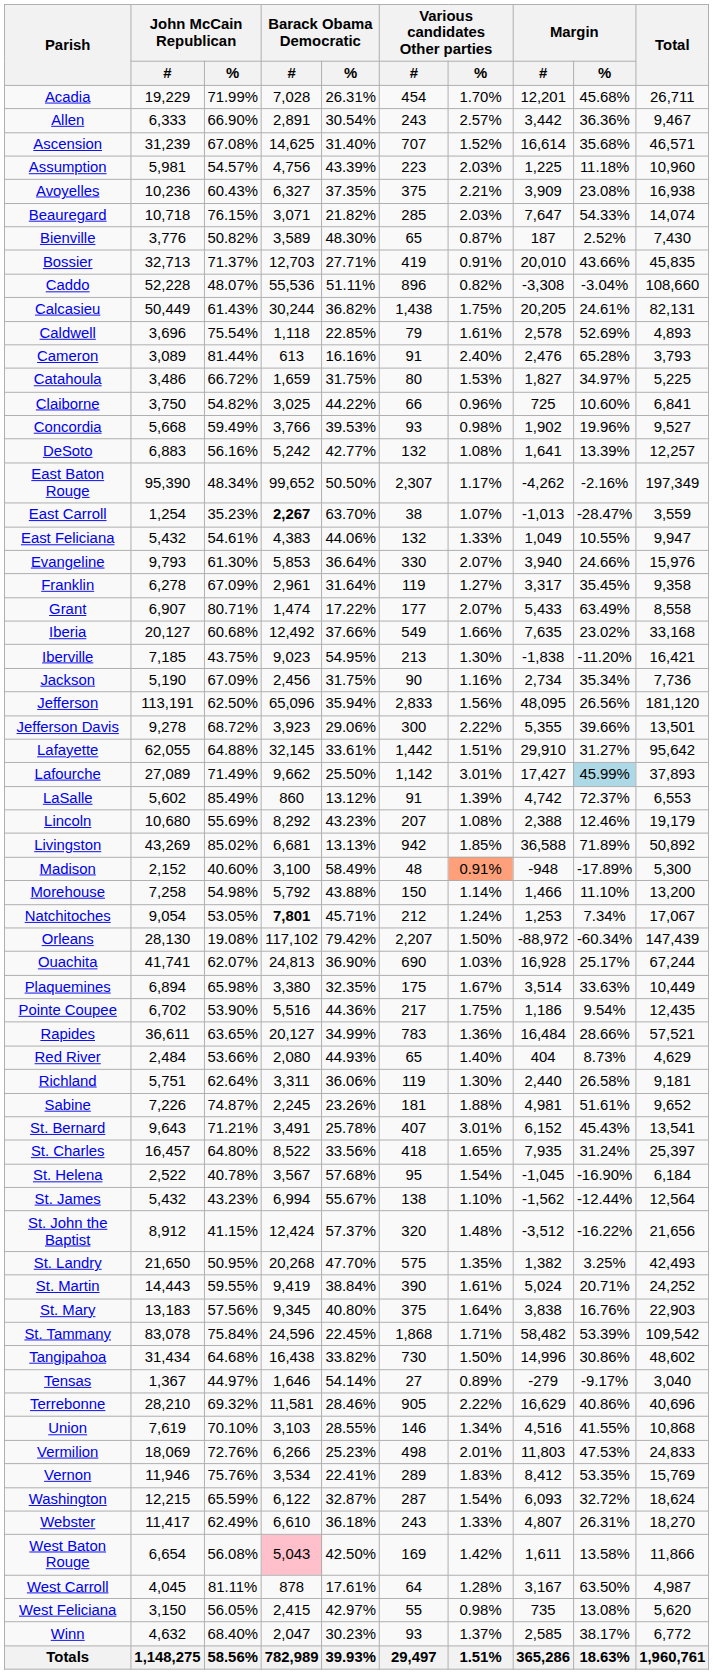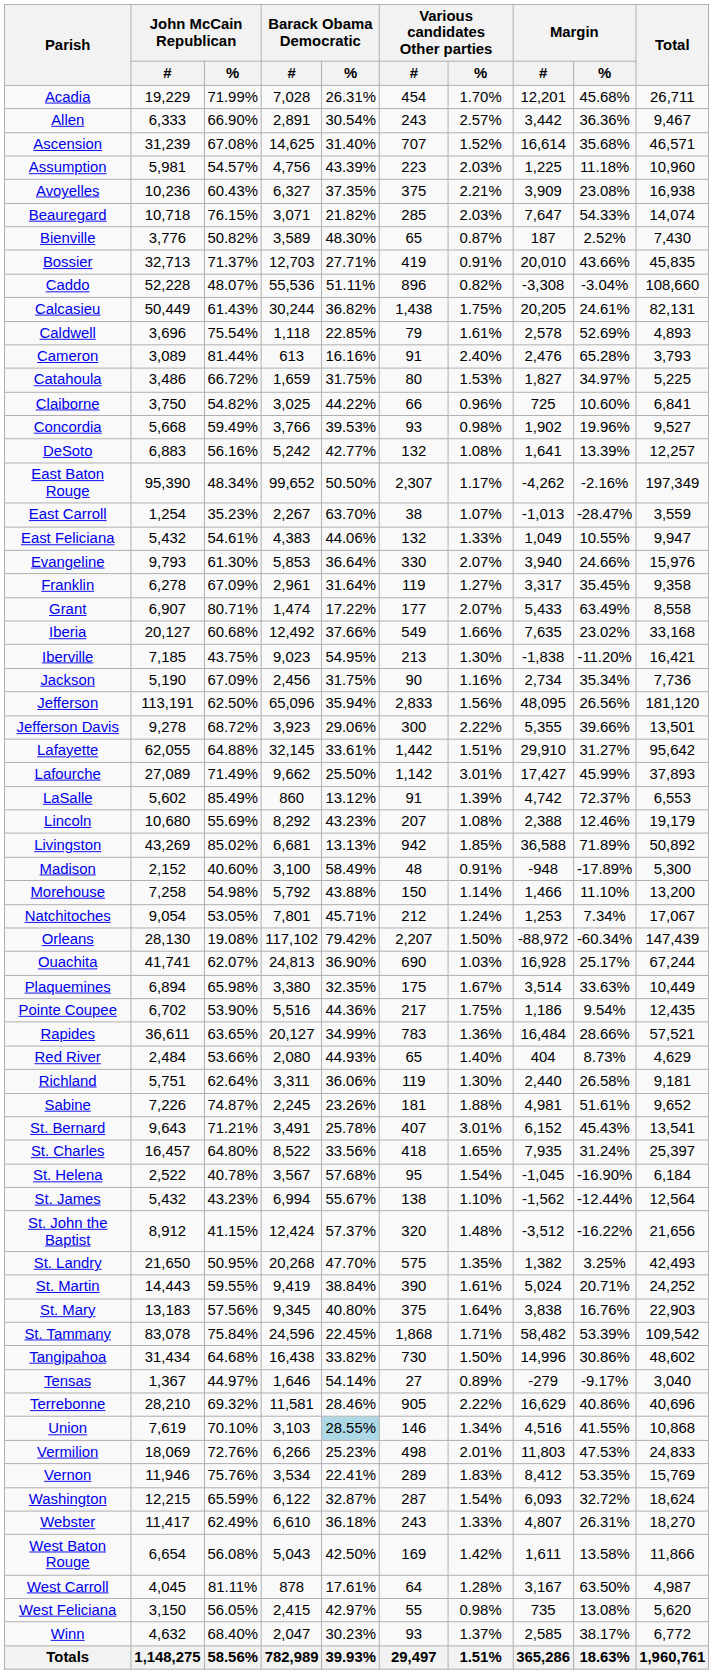 <table width="60%" class="wikitable sortable">
 <tr>
 <th rowspan="2">Parish</th>
 <th colspan="2">John McCain<br>Republican</th>
 <th colspan="2">Barack Obama<br>Democratic</th>
 <th colspan="2">Various candidates<br>Other parties</th>
 <th colspan="2">Margin</th>
 <th rowspan="2">Total</th>
 </tr>
 <tr>
 <th style="text-align:center;" data-sort-type="number">#</th>
 <th style="text-align:center;" data-sort-type="number">%</th>
 <th style="text-align:center;" data-sort-type="number">#</th>
 <th style="text-align:center;" data-sort-type="number">%</th>
 <th style="text-align:center;" data-sort-type="number">#</th>
 <th style="text-align:center;" data-sort-type="number">%</th>
 <th style="text-align:center;" data-sort-type="number">#</th>
 <th style="text-align:center;" data-sort-type="number">%</th>
 </tr>
 <tr style="text-align:center;">
 <td><a href='#'>Acadia</a></td>
 <td>19,229</td>
 <td>71.99%</td>
 <td>7,028</td>
 <td>26.31%</td>
 <td>454</td>
 <td>1.70%</td>
 <td>12,201</td>
 <td>45.68%</td>
 <td>26,711</td>
 </tr>
 <tr style="text-align:center;">
 <td><a href='#'>Allen</a></td>
 <td>6,333</td>
 <td>66.90%</td>
 <td>2,891</td>
 <td>30.54%</td>
 <td>243</td>
 <td>2.57%</td>
 <td>3,442</td>
 <td>36.36%</td>
 <td>9,467</td>
 </tr>
 <tr style="text-align:center;">
 <td><a href='#'>Ascension</a></td>
 <td>31,239</td>
 <td>67.08%</td>
 <td>14,625</td>
 <td>31.40%</td>
 <td>707</td>
 <td>1.52%</td>
 <td>16,614</td>
 <td>35.68%</td>
 <td>46,571</td>
 </tr>
 <tr style="text-align:center;">
 <td><a href='#'>Assumption</a></td>
 <td>5,981</td>
 <td>54.57%</td>
 <td>4,756</td>
 <td>43.39%</td>
 <td>223</td>
 <td>2.03%</td>
 <td>1,225</td>
 <td>11.18%</td>
 <td>10,960</td>
 </tr>
 <tr style="text-align:center;">
 <td><a href='#'>Avoyelles</a></td>
 <td>10,236</td>
 <td>60.43%</td>
 <td>6,327</td>
 <td>37.35%</td>
 <td>375</td>
 <td>2.21%</td>
 <td>3,909</td>
 <td>23.08%</td>
 <td>16,938</td>
 </tr>
 <tr style="text-align:center;">
 <td><a href='#'>Beauregard</a></td>
 <td>10,718</td>
 <td>76.15%</td>
 <td>3,071</td>
 <td>21.82%</td>
 <td>285</td>
 <td>2.03%</td>
 <td>7,647</td>
 <td>54.33%</td>
 <td>14,074</td>
 </tr>
 <tr style="text-align:center;">
 <td><a href='#'>Bienville</a></td>
 <td>3,776</td>
 <td>50.82%</td>
 <td>3,589</td>
 <td>48.30%</td>
 <td>65</td>
 <td>0.87%</td>
 <td>187</td>
 <td>2.52%</td>
 <td>7,430</td>
 </tr>
 <tr style="text-align:center;">
 <td><a href='#'>Bossier</a></td>
 <td>32,713</td>
 <td>71.37%</td>
 <td>12,703</td>
 <td>27.71%</td>
 <td>419</td>
 <td>0.91%</td>
 <td>20,010</td>
 <td>43.66%</td>
 <td>45,835</td>
 </tr>
 <tr style="text-align:center;">
 <td><a href='#'>Caddo</a></td>
 <td>52,228</td>
 <td>48.07%</td>
 <td>55,536</td>
 <td>51.11%</td>
 <td>896</td>
 <td>0.82%</td>
 <td>-3,308</td>
 <td>-3.04%</td>
 <td>108,660</td>
 </tr>
 <tr style="text-align:center;">
 <td><a href='#'>Calcasieu</a></td>
 <td>50,449</td>
 <td>61.43%</td>
 <td>30,244</td>
 <td>36.82%</td>
 <td>1,438</td>
 <td>1.75%</td>
 <td>20,205</td>
 <td>24.61%</td>
 <td>82,131</td>
 </tr>
 <tr style="text-align:center;">
 <td><a href='#'>Caldwell</a></td>
 <td>3,696</td>
 <td>75.54%</td>
 <td>1,118</td>
 <td>22.85%</td>
 <td>79</td>
 <td>1.61%</td>
 <td>2,578</td>
 <td>52.69%</td>
 <td>4,893</td>
 </tr>
 <tr style="text-align:center;">
 <td><a href='#'>Cameron</a></td>
 <td>3,089</td>
 <td>81.44%</td>
 <td>613</td>
 <td>16.16%</td>
 <td>91</td>
 <td>2.40%</td>
 <td>2,476</td>
 <td>65.28%</td>
 <td>3,793</td>
 </tr>
 <tr style="text-align:center;">
 <td><a href='#'>Catahoula</a></td>
 <td>3,486</td>
 <td>66.72%</td>
 <td>1,659</td>
 <td>31.75%</td>
 <td>80</td>
 <td>1.53%</td>
 <td>1,827</td>
 <td>34.97%</td>
 <td>5,225</td>
 </tr>
 <tr style="text-align:center;">
 <td><a href='#'>Claiborne</a></td>
 <td>3,750</td>
 <td>54.82%</td>
 <td>3,025</td>
 <td>44.22%</td>
 <td>66</td>
 <td>0.96%</td>
 <td>725</td>
 <td>10.60%</td>
 <td>6,841</td>
 </tr>
 <tr style="text-align:center;">
 <td><a href='#'>Concordia</a></td>
 <td>5,668</td>
 <td>59.49%</td>
 <td>3,766</td>
 <td>39.53%</td>
 <td>93</td>
 <td>0.98%</td>
 <td>1,902</td>
 <td>19.96%</td>
 <td>9,527</td>
 </tr>
 <tr style="text-align:center;">
 <td><a href='#'>DeSoto</a></td>
 <td>6,883</td>
 <td>56.16%</td>
 <td>5,242</td>
 <td>42.77%</td>
 <td>132</td>
 <td>1.08%</td>
 <td>1,641</td>
 <td>13.39%</td>
 <td>12,257</td>
 </tr>
 <tr style="text-align:center;">
 <td><a href='#'>East Baton Rouge</a></td>
 <td>95,390</td>
 <td>48.34%</td>
 <td>99,652</td>
 <td>50.50%</td>
 <td>2,307</td>
 <td>1.17%</td>
 <td>-4,262</td>
 <td>-2.16%</td>
 <td>197,349</td>
 </tr>
 <tr style="text-align:center;">
 <td><a href='#'>East Carroll</a></td>
 <td>1,254</td>
 <td>35.23%</td>
-<td><strong>2,267</strong></td>
+<td>2,267</td>
 <td>63.70%</td>
 <td>38</td>
 <td>1.07%</td>
 <td>-1,013</td>
 <td>-28.47%</td>
 <td>3,559</td>
 </tr>
 <tr style="text-align:center;">
 <td><a href='#'>East Feliciana</a></td>
 <td>5,432</td>
 <td>54.61%</td>
 <td>4,383</td>
 <td>44.06%</td>
 <td>132</td>
 <td>1.33%</td>
 <td>1,049</td>
 <td>10.55%</td>
 <td>9,947</td>
 </tr>
 <tr style="text-align:center;">
 <td><a href='#'>Evangeline</a></td>
 <td>9,793</td>
 <td>61.30%</td>
 <td>5,853</td>
 <td>36.64%</td>
 <td>330</td>
 <td>2.07%</td>
 <td>3,940</td>
 <td>24.66%</td>
 <td>15,976</td>
 </tr>
 <tr style="text-align:center;">
 <td><a href='#'>Franklin</a></td>
 <td>6,278</td>
 <td>67.09%</td>
 <td>2,961</td>
 <td>31.64%</td>
 <td>119</td>
 <td>1.27%</td>
 <td>3,317</td>
 <td>35.45%</td>
 <td>9,358</td>
 </tr>
 <tr style="text-align:center;">
 <td><a href='#'>Grant</a></td>
 <td>6,907</td>
 <td>80.71%</td>
 <td>1,474</td>
 <td>17.22%</td>
 <td>177</td>
 <td>2.07%</td>
 <td>5,433</td>
 <td>63.49%</td>
 <td>8,558</td>
 </tr>
 <tr style="text-align:center;">
 <td><a href='#'>Iberia</a></td>
 <td>20,127</td>
 <td>60.68%</td>
 <td>12,492</td>
 <td>37.66%</td>
 <td>549</td>
 <td>1.66%</td>
 <td>7,635</td>
 <td>23.02%</td>
 <td>33,168</td>
 </tr>
 <tr style="text-align:center;">
 <td><a href='#'>Iberville</a></td>
 <td>7,185</td>
 <td>43.75%</td>
 <td>9,023</td>
 <td>54.95%</td>
 <td>213</td>
 <td>1.30%</td>
 <td>-1,838</td>
 <td>-11.20%</td>
 <td>16,421</td>
 </tr>
 <tr style="text-align:center;">
 <td><a href='#'>Jackson</a></td>
 <td>5,190</td>
 <td>67.09%</td>
 <td>2,456</td>
 <td>31.75%</td>
 <td>90</td>
 <td>1.16%</td>
 <td>2,734</td>
 <td>35.34%</td>
 <td>7,736</td>
 </tr>
 <tr style="text-align:center;">
 <td><a href='#'>Jefferson</a></td>
 <td>113,191</td>
 <td>62.50%</td>
 <td>65,096</td>
 <td>35.94%</td>
 <td>2,833</td>
 <td>1.56%</td>
 <td>48,095</td>
 <td>26.56%</td>
 <td>181,120</td>
 </tr>
 <tr style="text-align:center;">
 <td><a href='#'>Jefferson Davis</a></td>
 <td>9,278</td>
 <td>68.72%</td>
 <td>3,923</td>
 <td>29.06%</td>
 <td>300</td>
 <td>2.22%</td>
 <td>5,355</td>
 <td>39.66%</td>
 <td>13,501</td>
 </tr>
 <tr style="text-align:center;">
 <td><a href='#'>Lafayette</a></td>
 <td>62,055</td>
 <td>64.88%</td>
 <td>32,145</td>
 <td>33.61%</td>
 <td>1,442</td>
 <td>1.51%</td>
 <td>29,910</td>
 <td>31.27%</td>
 <td>95,642</td>
 </tr>
 <tr style="text-align:center;">
 <td><a href='#'>Lafourche</a></td>
 <td>27,089</td>
 <td>71.49%</td>
 <td>9,662</td>
 <td>25.50%</td>
 <td>1,142</td>
 <td>3.01%</td>
 <td>17,427</td>
-<td style="background: lightblue;">45.99%</td>
+<td>45.99%</td>
 <td>37,893</td>
 </tr>
 <tr style="text-align:center;">
 <td><a href='#'>LaSalle</a></td>
 <td>5,602</td>
 <td>85.49%</td>
 <td>860</td>
 <td>13.12%</td>
 <td>91</td>
 <td>1.39%</td>
 <td>4,742</td>
 <td>72.37%</td>
 <td>6,553</td>
 </tr>
 <tr style="text-align:center;">
 <td><a href='#'>Lincoln</a></td>
 <td>10,680</td>
 <td>55.69%</td>
 <td>8,292</td>
 <td>43.23%</td>
 <td>207</td>
 <td>1.08%</td>
 <td>2,388</td>
 <td>12.46%</td>
 <td>19,179</td>
 </tr>
 <tr style="text-align:center;">
 <td><a href='#'>Livingston</a></td>
 <td>43,269</td>
 <td>85.02%</td>
 <td>6,681</td>
 <td>13.13%</td>
 <td>942</td>
 <td>1.85%</td>
 <td>36,588</td>
 <td>71.89%</td>
 <td>50,892</td>
 </tr>
 <tr style="text-align:center;">
 <td><a href='#'>Madison</a></td>
 <td>2,152</td>
 <td>40.60%</td>
 <td>3,100</td>
 <td>58.49%</td>
 <td>48</td>
-<td style="background: lightsalmon;">0.91%</td>
+<td>0.91%</td>
 <td>-948</td>
 <td>-17.89%</td>
 <td>5,300</td>
 </tr>
 <tr style="text-align:center;">
 <td><a href='#'>Morehouse</a></td>
 <td>7,258</td>
 <td>54.98%</td>
 <td>5,792</td>
 <td>43.88%</td>
 <td>150</td>
 <td>1.14%</td>
 <td>1,466</td>
 <td>11.10%</td>
 <td>13,200</td>
 </tr>
 <tr style="text-align:center;">
 <td><a href='#'>Natchitoches</a></td>
 <td>9,054</td>
 <td>53.05%</td>
-<td><strong>7,801</strong></td>
+<td>7,801</td>
 <td>45.71%</td>
 <td>212</td>
 <td>1.24%</td>
 <td>1,253</td>
 <td>7.34%</td>
 <td>17,067</td>
 </tr>
 <tr style="text-align:center;">
 <td><a href='#'>Orleans</a></td>
 <td>28,130</td>
 <td>19.08%</td>
 <td>117,102</td>
 <td>79.42%</td>
 <td>2,207</td>
 <td>1.50%</td>
 <td>-88,972</td>
 <td>-60.34%</td>
 <td>147,439</td>
 </tr>
 <tr style="text-align:center;">
 <td><a href='#'>Ouachita</a></td>
 <td>41,741</td>
 <td>62.07%</td>
 <td>24,813</td>
 <td>36.90%</td>
 <td>690</td>
 <td>1.03%</td>
 <td>16,928</td>
 <td>25.17%</td>
 <td>67,244</td>
 </tr>
 <tr style="text-align:center;">
 <td><a href='#'>Plaquemines</a></td>
 <td>6,894</td>
 <td>65.98%</td>
 <td>3,380</td>
 <td>32.35%</td>
 <td>175</td>
 <td>1.67%</td>
 <td>3,514</td>
 <td>33.63%</td>
 <td>10,449</td>
 </tr>
 <tr style="text-align:center;">
 <td><a href='#'>Pointe Coupee</a></td>
 <td>6,702</td>
 <td>53.90%</td>
 <td>5,516</td>
 <td>44.36%</td>
 <td>217</td>
 <td>1.75%</td>
 <td>1,186</td>
 <td>9.54%</td>
 <td>12,435</td>
 </tr>
 <tr style="text-align:center;">
 <td><a href='#'>Rapides</a></td>
 <td>36,611</td>
 <td>63.65%</td>
 <td>20,127</td>
 <td>34.99%</td>
 <td>783</td>
 <td>1.36%</td>
 <td>16,484</td>
 <td>28.66%</td>
 <td>57,521</td>
 </tr>
 <tr style="text-align:center;">
 <td><a href='#'>Red River</a></td>
 <td>2,484</td>
 <td>53.66%</td>
 <td>2,080</td>
 <td>44.93%</td>
 <td>65</td>
 <td>1.40%</td>
 <td>404</td>
 <td>8.73%</td>
 <td>4,629</td>
 </tr>
 <tr style="text-align:center;">
 <td><a href='#'>Richland</a></td>
 <td>5,751</td>
 <td>62.64%</td>
 <td>3,311</td>
 <td>36.06%</td>
 <td>119</td>
 <td>1.30%</td>
 <td>2,440</td>
 <td>26.58%</td>
 <td>9,181</td>
 </tr>
 <tr style="text-align:center;">
 <td><a href='#'>Sabine</a></td>
 <td>7,226</td>
 <td>74.87%</td>
 <td>2,245</td>
 <td>23.26%</td>
 <td>181</td>
 <td>1.88%</td>
 <td>4,981</td>
 <td>51.61%</td>
 <td>9,652</td>
 </tr>
 <tr style="text-align:center;">
 <td><a href='#'>St. Bernard</a></td>
 <td>9,643</td>
 <td>71.21%</td>
 <td>3,491</td>
 <td>25.78%</td>
 <td>407</td>
 <td>3.01%</td>
 <td>6,152</td>
 <td>45.43%</td>
 <td>13,541</td>
 </tr>
 <tr style="text-align:center;">
 <td><a href='#'>St. Charles</a></td>
 <td>16,457</td>
 <td>64.80%</td>
 <td>8,522</td>
 <td>33.56%</td>
 <td>418</td>
 <td>1.65%</td>
 <td>7,935</td>
 <td>31.24%</td>
 <td>25,397</td>
 </tr>
 <tr style="text-align:center;">
 <td><a href='#'>St. Helena</a></td>
 <td>2,522</td>
 <td>40.78%</td>
 <td>3,567</td>
 <td>57.68%</td>
 <td>95</td>
 <td>1.54%</td>
 <td>-1,045</td>
 <td>-16.90%</td>
 <td>6,184</td>
 </tr>
 <tr style="text-align:center;">
 <td><a href='#'>St. James</a></td>
 <td>5,432</td>
 <td>43.23%</td>
 <td>6,994</td>
 <td>55.67%</td>
 <td>138</td>
 <td>1.10%</td>
 <td>-1,562</td>
 <td>-12.44%</td>
 <td>12,564</td>
 </tr>
 <tr style="text-align:center;">
 <td><a href='#'>St. John the Baptist</a></td>
 <td>8,912</td>
 <td>41.15%</td>
 <td>12,424</td>
 <td>57.37%</td>
 <td>320</td>
 <td>1.48%</td>
 <td>-3,512</td>
 <td>-16.22%</td>
 <td>21,656</td>
 </tr>
 <tr style="text-align:center;">
 <td><a href='#'>St. Landry</a></td>
 <td>21,650</td>
 <td>50.95%</td>
 <td>20,268</td>
 <td>47.70%</td>
 <td>575</td>
 <td>1.35%</td>
 <td>1,382</td>
 <td>3.25%</td>
 <td>42,493</td>
 </tr>
 <tr style="text-align:center;">
 <td><a href='#'>St. Martin</a></td>
 <td>14,443</td>
 <td>59.55%</td>
 <td>9,419</td>
 <td>38.84%</td>
 <td>390</td>
 <td>1.61%</td>
 <td>5,024</td>
 <td>20.71%</td>
 <td>24,252</td>
 </tr>
 <tr style="text-align:center;">
 <td><a href='#'>St. Mary</a></td>
 <td>13,183</td>
 <td>57.56%</td>
 <td>9,345</td>
 <td>40.80%</td>
 <td>375</td>
 <td>1.64%</td>
 <td>3,838</td>
 <td>16.76%</td>
 <td>22,903</td>
 </tr>
 <tr style="text-align:center;">
 <td><a href='#'>St. Tammany</a></td>
 <td>83,078</td>
 <td>75.84%</td>
 <td>24,596</td>
 <td>22.45%</td>
 <td>1,868</td>
 <td>1.71%</td>
 <td>58,482</td>
 <td>53.39%</td>
 <td>109,542</td>
 </tr>
 <tr style="text-align:center;">
 <td><a href='#'>Tangipahoa</a></td>
 <td>31,434</td>
 <td>64.68%</td>
 <td>16,438</td>
 <td>33.82%</td>
 <td>730</td>
 <td>1.50%</td>
 <td>14,996</td>
 <td>30.86%</td>
 <td>48,602</td>
 </tr>
 <tr style="text-align:center;">
 <td><a href='#'>Tensas</a></td>
 <td>1,367</td>
 <td>44.97%</td>
 <td>1,646</td>
 <td>54.14%</td>
 <td>27</td>
 <td>0.89%</td>
 <td>-279</td>
 <td>-9.17%</td>
 <td>3,040</td>
 </tr>
 <tr style="text-align:center;">
 <td><a href='#'>Terrebonne</a></td>
 <td>28,210</td>
 <td>69.32%</td>
 <td>11,581</td>
 <td>28.46%</td>
 <td>905</td>
 <td>2.22%</td>
 <td>16,629</td>
 <td>40.86%</td>
 <td>40,696</td>
 </tr>
 <tr style="text-align:center;">
 <td><a href='#'>Union</a></td>
 <td>7,619</td>
 <td>70.10%</td>
 <td>3,103</td>
-<td>28.55%</td>
+<td style="background: lightblue;">28.55%</td>
 <td>146</td>
 <td>1.34%</td>
 <td>4,516</td>
 <td>41.55%</td>
 <td>10,868</td>
 </tr>
 <tr style="text-align:center;">
 <td><a href='#'>Vermilion</a></td>
 <td>18,069</td>
 <td>72.76%</td>
 <td>6,266</td>
 <td>25.23%</td>
 <td>498</td>
 <td>2.01%</td>
 <td>11,803</td>
 <td>47.53%</td>
 <td>24,833</td>
 </tr>
 <tr style="text-align:center;">
 <td><a href='#'>Vernon</a></td>
 <td>11,946</td>
 <td>75.76%</td>
 <td>3,534</td>
 <td>22.41%</td>
 <td>289</td>
 <td>1.83%</td>
 <td>8,412</td>
 <td>53.35%</td>
 <td>15,769</td>
 </tr>
 <tr style="text-align:center;">
 <td><a href='#'>Washington</a></td>
 <td>12,215</td>
 <td>65.59%</td>
 <td>6,122</td>
 <td>32.87%</td>
 <td>287</td>
 <td>1.54%</td>
 <td>6,093</td>
 <td>32.72%</td>
 <td>18,624</td>
 </tr>
 <tr style="text-align:center;">
 <td><a href='#'>Webster</a></td>
 <td>11,417</td>
 <td>62.49%</td>
 <td>6,610</td>
 <td>36.18%</td>
 <td>243</td>
 <td>1.33%</td>
 <td>4,807</td>
 <td>26.31%</td>
 <td>18,270</td>
 </tr>
 <tr style="text-align:center;">
 <td><a href='#'>West Baton Rouge</a></td>
 <td>6,654</td>
 <td>56.08%</td>
-<td style="background: pink;">5,043</td>
+<td>5,043</td>
 <td>42.50%</td>
 <td>169</td>
 <td>1.42%</td>
 <td>1,611</td>
 <td>13.58%</td>
 <td>11,866</td>
 </tr>
 <tr style="text-align:center;">
 <td><a href='#'>West Carroll</a></td>
 <td>4,045</td>
 <td>81.11%</td>
 <td>878</td>
 <td>17.61%</td>
 <td>64</td>
 <td>1.28%</td>
 <td>3,167</td>
 <td>63.50%</td>
 <td>4,987</td>
 </tr>
 <tr style="text-align:center;">
 <td><a href='#'>West Feliciana</a></td>
 <td>3,150</td>
 <td>56.05%</td>
 <td>2,415</td>
 <td>42.97%</td>
 <td>55</td>
 <td>0.98%</td>
 <td>735</td>
 <td>13.08%</td>
 <td>5,620</td>
 </tr>
 <tr style="text-align:center;">
 <td><a href='#'>Winn</a></td>
 <td>4,632</td>
 <td>68.40%</td>
 <td>2,047</td>
 <td>30.23%</td>
 <td>93</td>
 <td>1.37%</td>
 <td>2,585</td>
 <td>38.17%</td>
 <td>6,772</td>
 </tr>
 <tr>
 <th>Totals</th>
 <th>1,148,275</th>
 <th>58.56%</th>
 <th>782,989</th>
 <th>39.93%</th>
 <th>29,497</th>
 <th>1.51%</th>
 <th>365,286</th>
 <th>18.63%</th>
 <th>1,960,761</th>
 </tr>
 </table>
